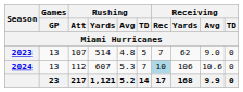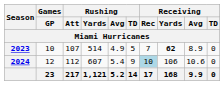 <table class="wikitable" style="text-align:center;">
 <tr>
 <th rowspan="2">Season</th>
 <th>Games</th>
 <th colspan="4">Rushing</th>
 <th colspan="4">Receiving</th>
 </tr>
 <tr>
 <th>GP</th>
 <th>Att</th>
 <th>Yards</th>
 <th>Avg</th>
 <th>TD</th>
 <th>Rec</th>
 <th>Yards</th>
 <th>Avg</th>
 <th>TD</th>
 </tr>
 <tr>
 <th colspan="12">Miami Hurricanes</th>
 </tr>
 <tr>
 <th><a href='#'>2023</a></th>
-<td>13</td>
+<td>10</td>
 <td>107</td>
 <td>514</td>
-<td>4.8</td>
+<td>4.9</td>
 <td>5</td>
 <td>7</td>
-<td>62</td>
-<td>9.0</td>
+<td><strong>62</strong></td>
+<td>8.9</td>
 <td>0</td>
 </tr>
 <tr>
 <th><a href='#'>2024</a></th>
-<td>13</td>
+<td>12</td>
 <td>112</td>
 <td>607</td>
-<td>5.3</td>
-<td>7</td>
+<td>5.4</td>
+<td>9</td>
 <td style="background: lightblue;">10</td>
 <td>106</td>
 <td>10.6</td>
 <td>0</td>
 </tr>
 <tr>
 <th></th>
 <th>23</th>
 <th>217</th>
 <th>1,121</th>
 <th>5.2</th>
 <th>14</th>
 <th>17</th>
 <th>168</th>
 <th>9.9</th>
 <th>0</th>
 </tr>
 </table>
